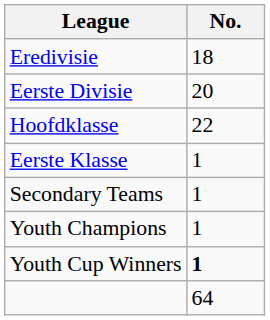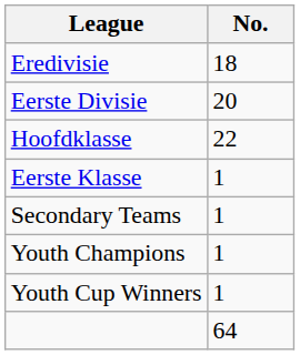 <table class="wikitable">
 <tr>
 <th>League</th>
 <th width=50px>No.</th>
 </tr>
 <tr>
 <td><a href='#'>Eredivisie</a></td>
 <td>18</td>
 </tr>
 <tr>
 <td><a href='#'>Eerste Divisie</a></td>
 <td>20</td>
 </tr>
 <tr>
 <td><a href='#'>Hoofdklasse</a></td>
 <td>22</td>
 </tr>
 <tr>
 <td><a href='#'>Eerste Klasse</a></td>
 <td>1</td>
 </tr>
 <tr>
 <td>Secondary Teams</td>
 <td>1</td>
 </tr>
 <tr>
 <td>Youth Champions</td>
 <td>1</td>
 </tr>
 <tr>
 <td>Youth Cup Winners</td>
-<td><strong>1</strong></td>
+<td>1</td>
 </tr>
 <tr>
 <td></td>
 <td>64</td>
 </tr>
 </table>
